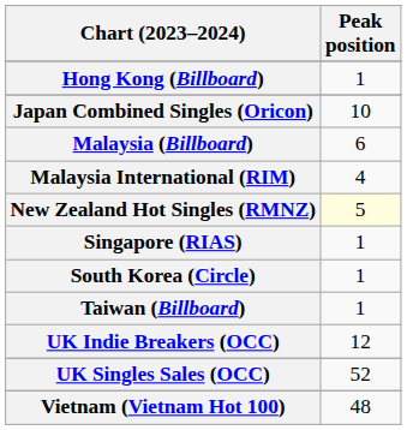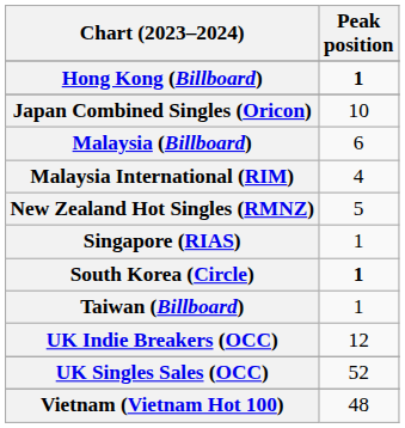 <table class="wikitable sortable plainrowheaders" style="text-align:center">
 <tr>
 <th scope="col">Chart (2023–2024)</th>
 <th scope="col">Peak<br>position</th>
 </tr>
 <tr>
 </tr>
 <tr>
 </tr>
 <tr>
 <th scope="row"><a href='#'>Hong Kong</a> (<em><a href='#'>Billboard</a></em>)</th>
-<td>1</td>
+<td><strong>1</strong></td>
 </tr>
 <tr>
 </tr>
 <tr>
 <th scope="row">Japan Combined Singles (<a href='#'>Oricon</a>)</th>
 <td>10</td>
 </tr>
 <tr>
 <th scope="row"><a href='#'>Malaysia</a> (<em><a href='#'>Billboard</a></em>)</th>
 <td>6</td>
 </tr>
 <tr>
 <th scope="row">Malaysia International (<a href='#'>RIM</a>)</th>
 <td>4</td>
 </tr>
 <tr>
 <th scope="row">New Zealand Hot Singles (<a href='#'>RMNZ</a>)</th>
-<td style="background: lightyellow;">5</td>
+<td>5</td>
 </tr>
 <tr>
 <th scope="row">Singapore (<a href='#'>RIAS</a>)</th>
 <td>1</td>
 </tr>
 <tr>
 <th scope="row">South Korea (<a href='#'>Circle</a>)</th>
-<td>1</td>
+<td><strong>1</strong></td>
 </tr>
 <tr>
 <th scope="row">Taiwan (<em><a href='#'>Billboard</a></em>)</th>
 <td>1</td>
 </tr>
 <tr>
 <th scope="row"><a href='#'>UK Indie Breakers</a> (<a href='#'>OCC</a>)</th>
 <td>12</td>
 </tr>
 <tr>
 </tr>
 <tr>
 <th scope="row"><a href='#'>UK Singles Sales</a> (<a href='#'>OCC</a>)</th>
 <td>52</td>
 </tr>
 <tr>
 </tr>
 <tr>
 <th scope="row">Vietnam (<a href='#'>Vietnam Hot 100</a>)</th>
 <td>48</td>
 </tr>
 </table>
